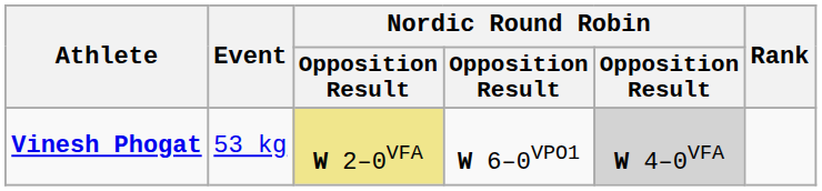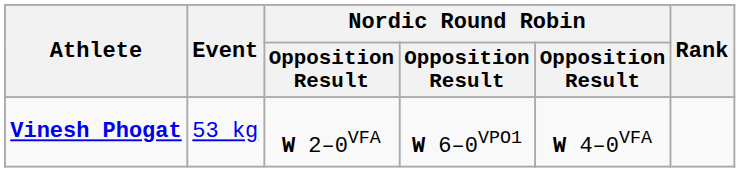 <table class="wikitable" style="font-size:90%; text-align:center">
 <tr>
 <th rowspan=2>Athlete</th>
 <th rowspan=2>Event</th>
 <th colspan=3>Nordic Round Robin</th>
 <th rowspan=2>Rank</th>
 </tr>
 <tr style="font-size: 95%">
 <th>Opposition<br>Result</th>
 <th>Opposition<br>Result</th>
 <th>Opposition<br>Result</th>
 </tr>
 <tr>
 <td align=left><strong><a href='#'>Vinesh Phogat</a></strong></td>
 <td align=left><a href='#'>53 kg</a></td>
-<td style="background: khaki;"><br><strong>W</strong> 2–0<sup>VFA</sup></td>
+<td><br><strong>W</strong> 2–0<sup>VFA</sup></td>
 <td><br><strong>W</strong> 6–0<sup>VPO1</sup></td>
-<td style="background: lightgrey;"><br><strong>W</strong> 4–0<sup>VFA</sup></td>
+<td><br><strong>W</strong> 4–0<sup>VFA</sup></td>
 <td></td>
 </tr>
 </table>
